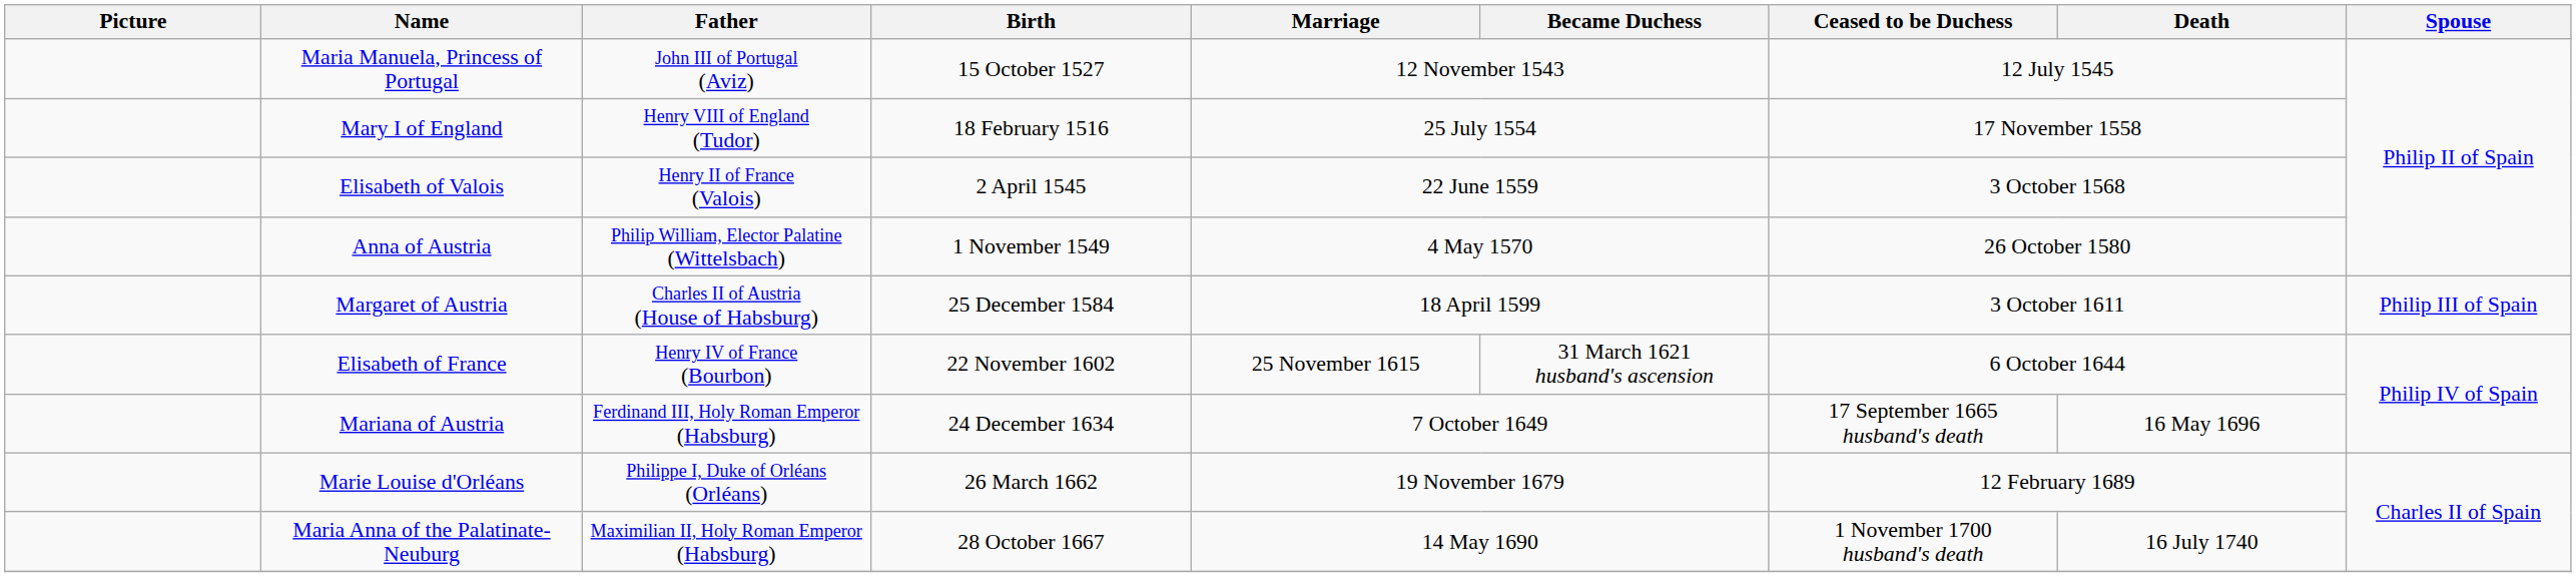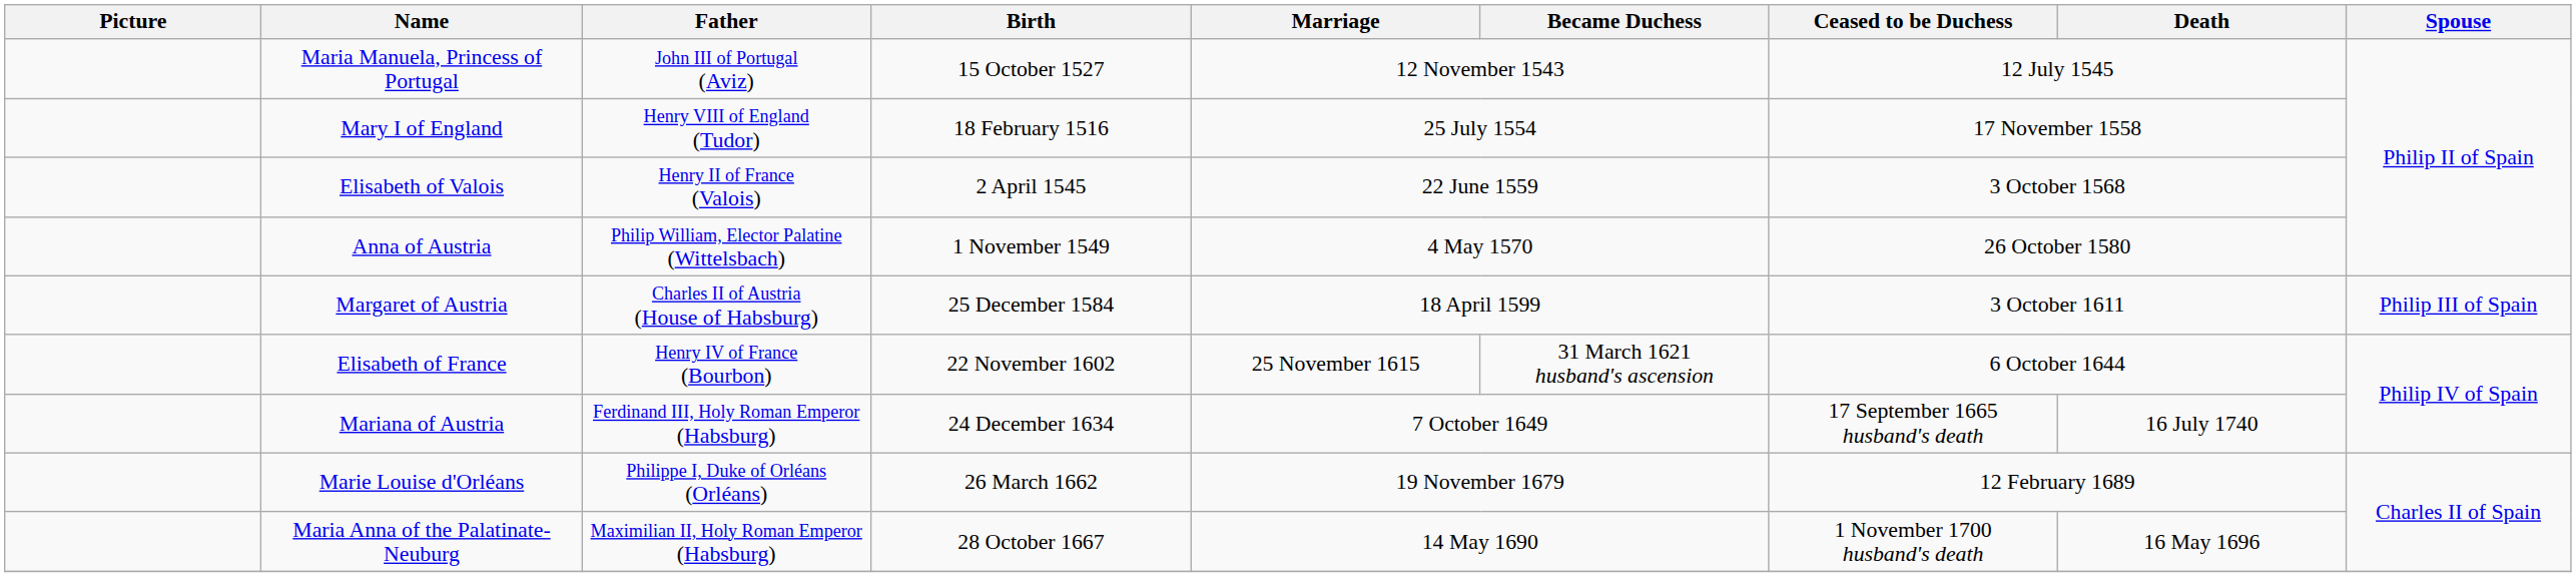 <table width=95% class="wikitable">
 <tr>
 <th width = "8%">Picture</th>
 <th width = "10%">Name</th>
 <th width = "9%">Father</th>
 <th width = "10%">Birth</th>
 <th width = "9%">Marriage</th>
 <th width = "9%">Became Duchess</th>
 <th width = "9%">Ceased to be Duchess</th>
 <th width = "9%">Death</th>
 <th width = "7%"><a href='#'>Spouse</a></th>
 </tr>
 <tr>
 <td align="center"></td>
 <td align="center"><a href='#'>Maria Manuela, Princess of Portugal</a></td>
 <td align="center"><small><a href='#'>John III of Portugal</a></small><br>(<a href='#'>Aviz</a>)</td>
 <td align="center">15 October 1527</td>
 <td align="center" colspan="2">12 November 1543</td>
 <td align="center" colspan="2">12 July 1545</td>
 <td align="center" rowspan="4"><a href='#'>Philip II of Spain</a></td>
 </tr>
 <tr>
 <td align="center"></td>
 <td align="center"><a href='#'>Mary I of England</a></td>
 <td align="center"><small><a href='#'>Henry VIII of England</a></small><br>(<a href='#'>Tudor</a>)</td>
 <td align="center">18 February 1516</td>
 <td align="center" colspan="2">25 July 1554</td>
 <td align="center" colspan="2">17 November 1558</td>
 </tr>
 <tr>
 <td align="center"></td>
 <td align="center"><a href='#'>Elisabeth of Valois</a></td>
 <td align="center"><small><a href='#'>Henry II of France</a></small><br>(<a href='#'>Valois</a>)</td>
 <td align="center">2 April 1545</td>
 <td align="center" colspan="2">22 June 1559</td>
 <td align="center" colspan="2">3 October 1568</td>
 </tr>
 <tr>
 <td align="center"></td>
 <td align="center"><a href='#'>Anna of Austria</a></td>
 <td align="center"><small><a href='#'>Philip William, Elector Palatine</a></small><br>(<a href='#'>Wittelsbach</a>)</td>
 <td align="center">1 November 1549</td>
 <td align="center" colspan="2">4 May 1570</td>
 <td align="center" colspan="2">26 October 1580</td>
 </tr>
 <tr>
 <td align="center"></td>
 <td align="center"><a href='#'>Margaret of Austria</a></td>
 <td align="center"><small><a href='#'>Charles II of Austria</a></small><br>(<a href='#'>House of Habsburg</a>)</td>
 <td align="center">25 December 1584</td>
 <td align="center" colspan="2">18 April 1599</td>
 <td align="center" colspan="2">3 October 1611</td>
 <td align="center"><a href='#'>Philip III of Spain</a></td>
 </tr>
 <tr>
 <td align="center"></td>
 <td align="center"><a href='#'>Elisabeth of France</a></td>
 <td align="center"><small><a href='#'>Henry IV of France</a></small><br>(<a href='#'>Bourbon</a>)</td>
 <td align="center">22 November 1602</td>
 <td align="center">25 November 1615</td>
 <td align="center">31 March 1621<br><em>husband's ascension</em></td>
 <td align="center" colspan="2">6 October 1644</td>
 <td align="center" rowspan="2"><a href='#'>Philip IV of Spain</a></td>
 </tr>
 <tr>
 <td align="center"></td>
 <td align="center"><a href='#'>Mariana of Austria</a></td>
 <td align="center"><small><a href='#'>Ferdinand III, Holy Roman Emperor</a></small><br>(<a href='#'>Habsburg</a>)</td>
 <td align="center">24 December 1634</td>
 <td align="center" colspan="2">7 October 1649</td>
 <td align="center">17 September 1665<br><em>husband's death</em></td>
-<td align="center">16 May 1696</td>
+<td align="center">16 July 1740</td>
 </tr>
 <tr>
 <td align="center"></td>
 <td align="center"><a href='#'>Marie Louise d'Orléans</a></td>
 <td align="center"><small><a href='#'>Philippe I, Duke of Orléans</a></small><br>(<a href='#'>Orléans</a>)</td>
 <td align="center">26 March 1662</td>
 <td align="center" colspan="2">19 November 1679</td>
 <td align="center" colspan="2">12 February 1689</td>
 <td align="center" rowspan="2"><a href='#'>Charles II of Spain</a></td>
 </tr>
 <tr>
 <td align="center"></td>
 <td align="center"><a href='#'>Maria Anna of the Palatinate-Neuburg</a></td>
 <td align="center"><small><a href='#'>Maximilian II, Holy Roman Emperor</a></small><br>(<a href='#'>Habsburg</a>)</td>
 <td align="center">28 October 1667</td>
 <td align="center" colspan="2">14 May 1690</td>
 <td align="center">1 November 1700<br><em>husband's death</em></td>
-<td align="center">16 July 1740</td>
+<td align="center">16 May 1696</td>
 </tr>
 <tr>
 </tr>
 </table>
